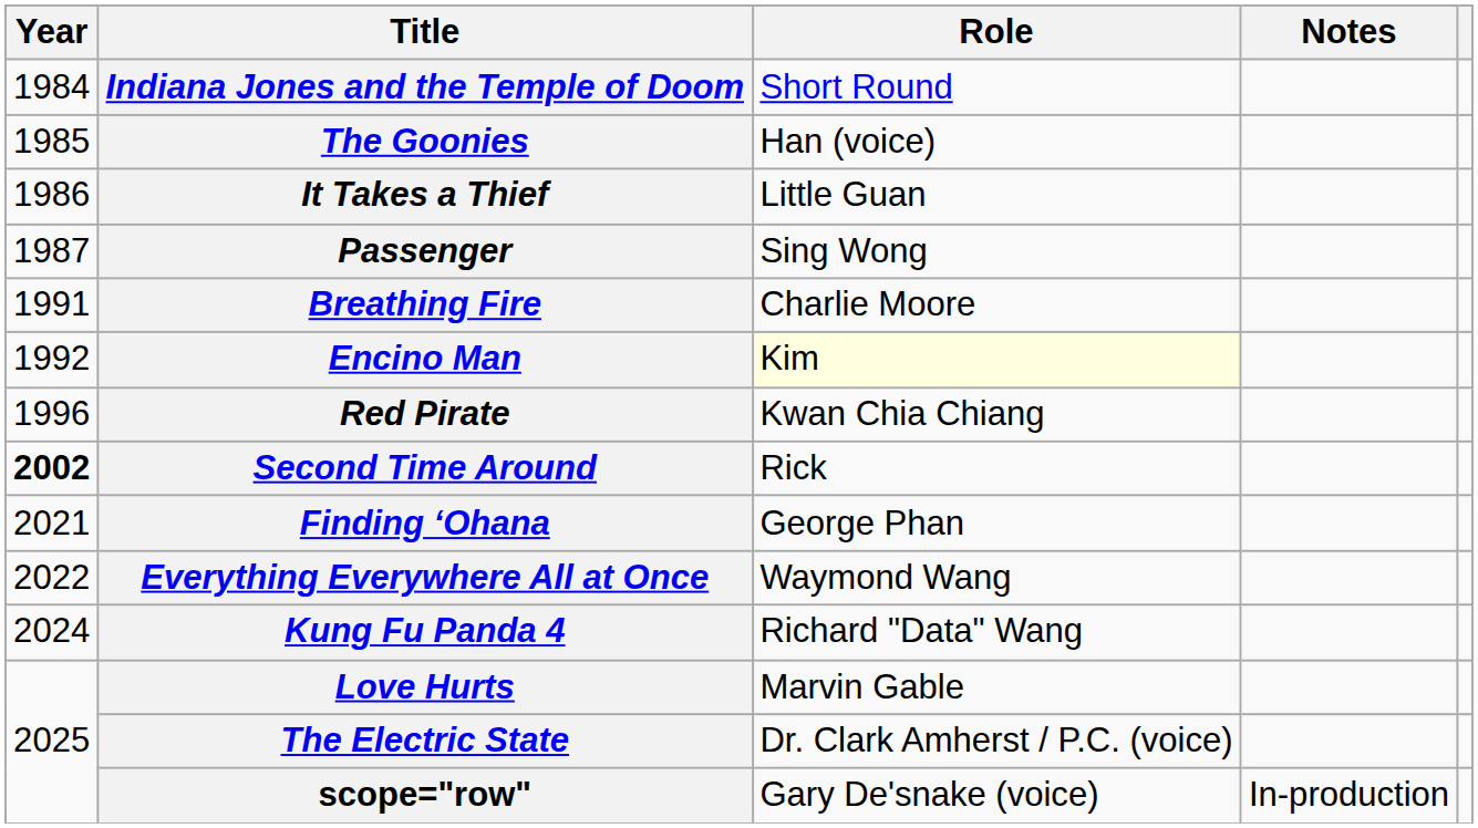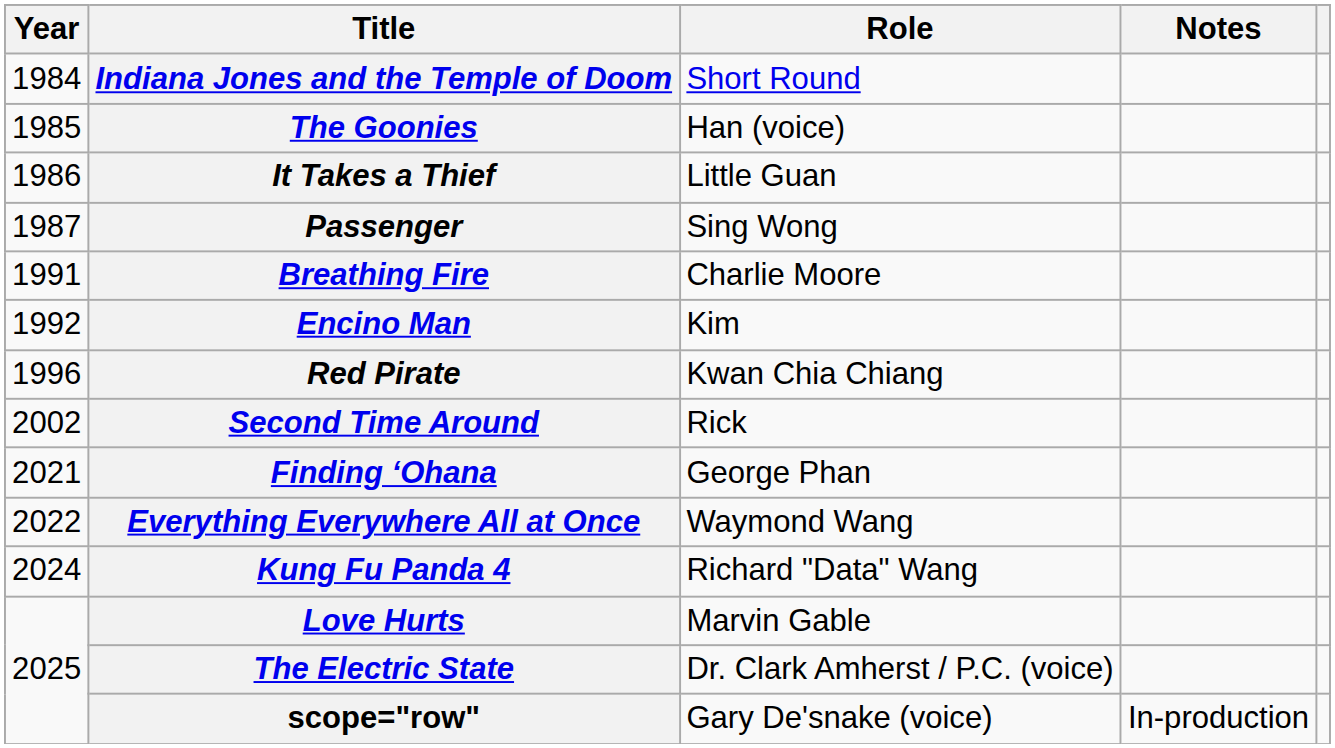 <table class="wikitable plainrowheaders sortable">
 <tr>
 <th scope="col">Year</th>
 <th scope="col">Title</th>
 <th scope="col">Role</th>
 <th scope="col" class="unsortable">Notes</th>
 <th scope="col" class="unsortable"></th>
 </tr>
 <tr>
 <td>1984</td>
 <th scope="row"><em><a href='#'>Indiana Jones and the Temple of Doom</a></em></th>
 <td><a href='#'>Short Round</a></td>
 <td></td>
 <td align="center"></td>
 </tr>
 <tr>
 <td>1985</td>
 <th scope="row"><em><a href='#'>The Goonies</a></em></th>
 <td>Han (voice)</td>
 <td></td>
 <td align="center"></td>
 </tr>
 <tr>
 <td>1986</td>
 <th scope="row"><em>It Takes a Thief</em></th>
 <td>Little Guan</td>
 <td></td>
 <td align="center"></td>
 </tr>
 <tr>
 <td>1987</td>
 <th scope="row"><em>Passenger</em></th>
 <td>Sing Wong</td>
 <td></td>
 <td align="center"></td>
 </tr>
 <tr>
 <td>1991</td>
 <th scope="row"><em><a href='#'>Breathing Fire</a></em></th>
 <td>Charlie Moore</td>
 <td></td>
 <td align="center"></td>
 </tr>
 <tr>
 <td>1992</td>
 <th scope="row"><em><a href='#'>Encino Man</a></em></th>
-<td style="background: lightyellow;">Kim</td>
+<td>Kim</td>
 <td></td>
 <td align="center"></td>
 </tr>
 <tr>
 <td>1996</td>
 <th scope="row"><em>Red Pirate</em></th>
 <td>Kwan Chia Chiang</td>
 <td></td>
 <td align="center"></td>
 </tr>
 <tr>
-<td><strong>2002</strong></td>
+<td>2002</td>
 <th scope="row"><em><a href='#'>Second Time Around</a></em></th>
 <td>Rick</td>
 <td></td>
 <td align="center"></td>
 </tr>
 <tr>
 <td>2021</td>
 <th scope="row"><em><a href='#'>Finding ʻOhana</a></em></th>
 <td>George Phan</td>
 <td></td>
 <td align="center"></td>
 </tr>
 <tr>
 <td>2022</td>
 <th scope="row"><em><a href='#'>Everything Everywhere All at Once</a></em></th>
 <td>Waymond Wang</td>
 <td></td>
 <td align="center"></td>
 </tr>
 <tr>
 <td>2024</td>
 <th scope="row"><em><a href='#'>Kung Fu Panda 4</a></em></th>
 <td>Richard "Data" Wang</td>
 <td></td>
 <td align="center"></td>
 </tr>
 <tr>
 <td rowspan="3">2025</td>
 <th scope="row"><em><a href='#'>Love Hurts</a></em></th>
 <td>Marvin Gable</td>
 <td></td>
 <td align="center"></td>
 </tr>
 <tr>
 <th scope="row"><em><a href='#'>The Electric State</a></em></th>
 <td>Dr. Clark Amherst / P.C. (voice)</td>
 <td></td>
 <td align="center"></td>
 </tr>
 <tr>
 <th>scope="row" </th>
 <td>Gary De'snake (voice)</td>
 <td>In-production</td>
 <td align="center"></td>
 </tr>
 </table>
